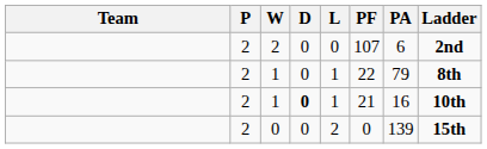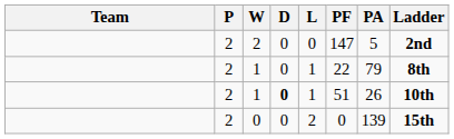 <table class="wikitable" style="text-align: center;">
 <tr>
 <th width="200" bgcolor="#efefef">Team</th>
 <th width="20" bgcolor="#efefef">P</th>
 <th width="20" bgcolor="#efefef">W</th>
 <th width="20" bgcolor="#efefef">D</th>
 <th width="20" bgcolor="#efefef">L</th>
 <th width="20" bgcolor="#efefef">PF</th>
 <th width="20" bgcolor="#efefef">PA</th>
 <th width="20" bgcolor="#efefef">Ladder</th>
 </tr>
 <tr>
 <td align="left"></td>
 <td>2</td>
 <td>2</td>
 <td>0</td>
 <td>0</td>
-<td>107</td>
-<td>6</td>
+<td>147</td>
+<td>5</td>
 <td><strong>2nd</strong></td>
 </tr>
 <tr>
 <td align="left"></td>
 <td>2</td>
 <td>1</td>
 <td>0</td>
 <td>1</td>
 <td>22</td>
 <td>79</td>
 <td><strong>8th</strong></td>
 </tr>
 <tr>
 <td align="left"></td>
 <td>2</td>
 <td>1</td>
 <td><strong>0</strong></td>
 <td>1</td>
-<td>21</td>
-<td>16</td>
+<td>51</td>
+<td>26</td>
 <td><strong>10th</strong></td>
 </tr>
 <tr>
 <td align="left"></td>
 <td>2</td>
 <td>0</td>
 <td>0</td>
 <td>2</td>
 <td>0</td>
 <td>139</td>
 <td><strong>15th</strong></td>
 </tr>
 </table>
